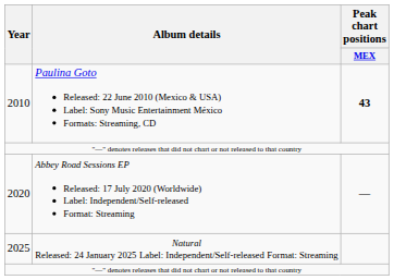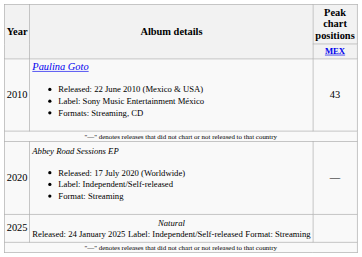 <table class="wikitable" style="text-align:center;">
 <tr>
 <th rowspan="2">Year</th>
 <th rowspan="2">Album details</th>
 <th colspan="1">Peak chart positions</th>
 </tr>
 <tr style="font-size:smaller">
 <th style="width:30px;"><a href='#'>MEX</a></th>
 </tr>
 <tr>
 <td>2010</td>
 <td style="text-align:left;"><em><a href='#'>Paulina Goto</a></em><br><ul><li><small>Released: 22 June 2010 (Mexico & USA)</small></li><li><small>Label: Sony Music Entertainment México</small></li><li><small>Formats: Streaming, CD </small></li></ul></td>
-<td><strong>43</strong></td>
+<td>43</td>
 </tr>
 <tr>
 <td colspan="10" style="font-size:8pt">"—" denotes releases that did not chart or not released to that country</td>
 </tr>
 <tr>
 <td>2020</td>
 <td style="text-align:left;"><em><small>Abbey Road Sessions EP</small></em><br><ul><li><small>Released: 17 July 2020 (Worldwide)</small></li><li><small>Label: Independent/Self-released</small></li><li><small>Format: Streaming</small></li></ul></td>
 <td>—</td>
 </tr>
 <tr>
 <td>2025</td>
 <td><em><small>Natural</small></em><br><small>Released: 24 January 2025</small> <small>Label: Independent/Self-released</small> <small>Format: Streaming</small></td>
 <td></td>
 </tr>
 <tr>
 <td colspan="10" style="font-size:8pt">"—" denotes releases that did not chart or not released to that country</td>
 </tr>
 </table>
